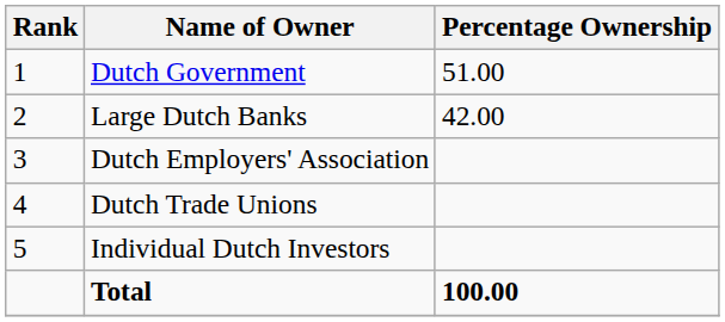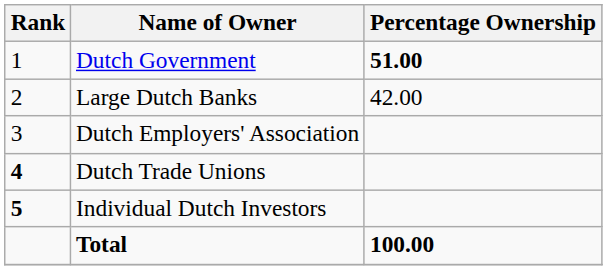 <table class="wikitable sortable" style="margin-left:auto;margin-right:auto">
 <tr>
 <th style="width:2em;">Rank</th>
 <th>Name of Owner</th>
 <th>Percentage Ownership</th>
 </tr>
 <tr>
 <td>1</td>
 <td><a href='#'>Dutch Government</a></td>
-<td>51.00</td>
+<td><strong>51.00</strong></td>
 </tr>
 <tr>
 <td>2</td>
 <td>Large Dutch Banks</td>
 <td>42.00</td>
 </tr>
 <tr>
 <td>3</td>
 <td>Dutch Employers' Association</td>
 <td></td>
 </tr>
 <tr>
-<td>4</td>
+<td><strong>4</strong></td>
 <td>Dutch Trade Unions</td>
 <td></td>
 </tr>
 <tr>
-<td>5</td>
+<td><strong>5</strong></td>
 <td>Individual Dutch Investors</td>
 <td></td>
 </tr>
 <tr>
 <td></td>
 <td><strong>Total</strong></td>
 <td><strong>100.00</strong></td>
 </tr>
 <tr>
 </tr>
 </table>
